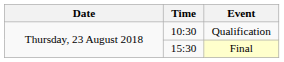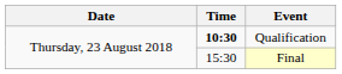 <table class = "wikitable" style="text-align:center;">
 <tr>
 <th width=220>Date</th>
 <th width=50>Time</th>
 <th width=100>Event</th>
 </tr>
 <tr>
 <td rowspan=2>Thursday, 23 August 2018</td>
-<td>10:30</td>
+<td><strong>10:30</strong></td>
 <td>Qualification</td>
 </tr>
 <tr>
 <td>15:30</td>
 <td bgcolor=ffffcc>Final</td>
 </tr>
 </table>
